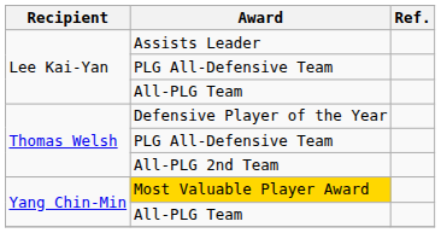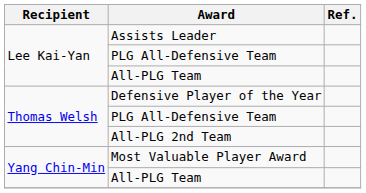 <table class="wikitable">
 <tr>
 <th>Recipient</th>
 <th>Award</th>
 <th>Ref.</th>
 </tr>
 <tr>
 <td rowspan=3>Lee Kai-Yan</td>
 <td>Assists Leader</td>
 <td></td>
 </tr>
 <tr>
 <td>PLG All-Defensive Team</td>
 <td></td>
 </tr>
 <tr>
 <td>All-PLG Team</td>
 <td></td>
 </tr>
 <tr>
 <td rowspan=3><a href='#'>Thomas Welsh</a></td>
 <td>Defensive Player of the Year</td>
 <td></td>
 </tr>
 <tr>
 <td>PLG All-Defensive Team</td>
 <td></td>
 </tr>
 <tr>
 <td>All-PLG 2nd Team</td>
 <td></td>
 </tr>
 <tr>
 <td rowspan=2><a href='#'>Yang Chin-Min</a></td>
-<td style="background: gold;">Most Valuable Player Award</td>
+<td>Most Valuable Player Award</td>
 <td></td>
 </tr>
 <tr>
 <td>All-PLG Team</td>
 <td></td>
 </tr>
 <tr>
 </tr>
 </table>
